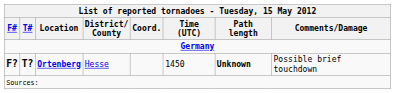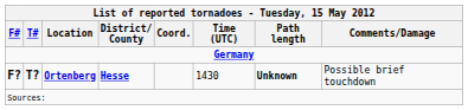 <table class="wikitable collapsible" width="100%">
 <tr>
 <th colspan="8">List of reported tornadoes - Tuesday, 15 May 2012</th>
 </tr>
 <tr>
 <th><a href='#'>F#</a></th>
 <th><a href='#'>T#</a></th>
 <th>Location</th>
 <th>District/<br>County</th>
 <th>Coord.</th>
 <th>Time (UTC)</th>
 <th>Path length</th>
 <th>Comments/Damage</th>
 </tr>
 <tr>
 <td colspan="8" align=center><strong><a href='#'>Germany</a></strong></td>
 </tr>
 <tr>
 <td><big><strong>F?</strong></big></td>
 <td><big><strong>T?</strong></big></td>
 <td><strong><a href='#'>Ortenberg</a></strong></td>
-<td><a href='#'>Hesse</a></td>
+<td><strong><a href='#'>Hesse</a></strong></td>
 <td></td>
-<td>1450</td>
+<td>1430</td>
 <td><strong>Unknown</strong></td>
 <td>Possible brief touchdown</td>
 </tr>
 <tr>
 <td colspan="8"><small>Sources:  </small></td>
 </tr>
 </table>
